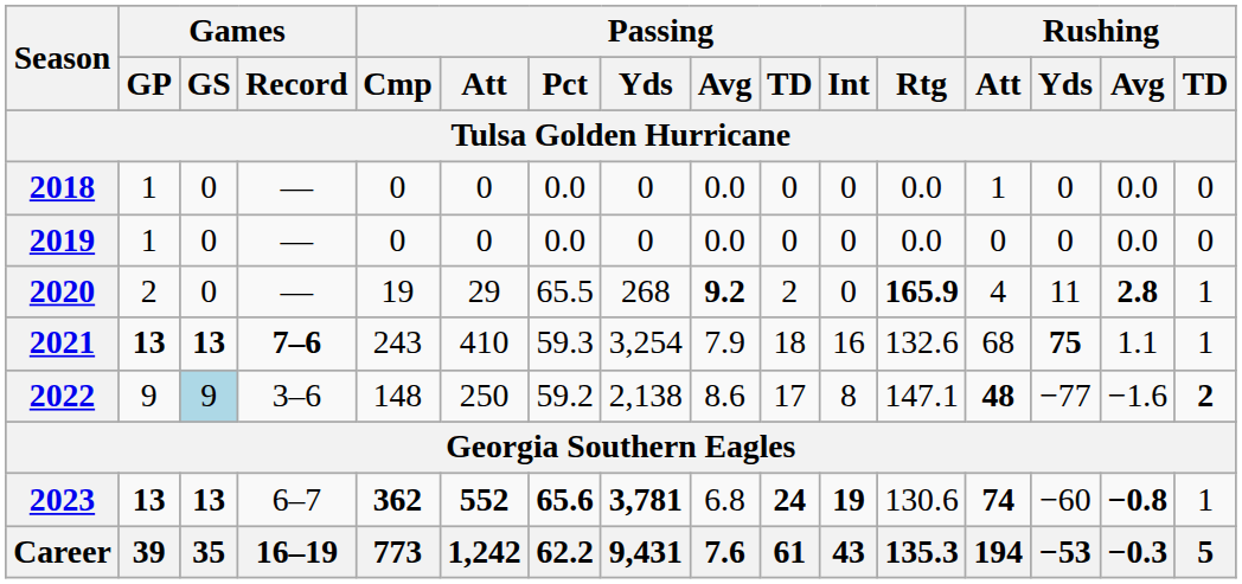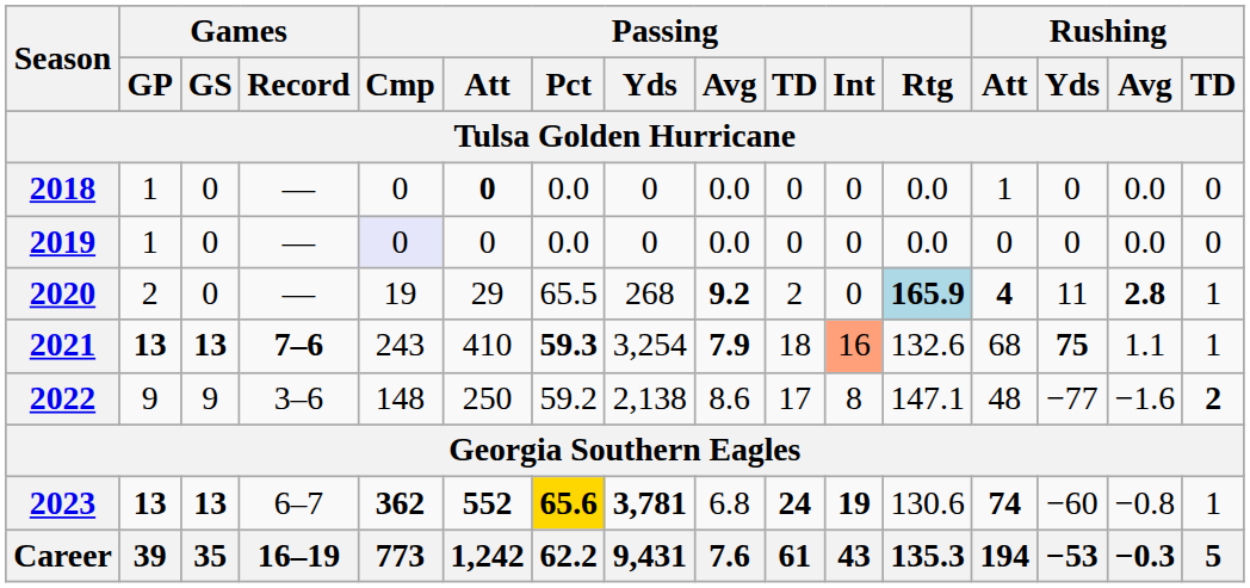 <table class="wikitable" style="text-align:center;">
 <tr>
 <th rowspan="2">Season</th>
 <th colspan="3">Games</th>
 <th colspan="8">Passing</th>
 <th colspan="5">Rushing</th>
 </tr>
 <tr>
 <th>GP</th>
 <th>GS</th>
 <th>Record</th>
 <th>Cmp</th>
 <th>Att</th>
 <th>Pct</th>
 <th>Yds</th>
 <th>Avg</th>
 <th>TD</th>
 <th>Int</th>
 <th>Rtg</th>
 <th>Att</th>
 <th>Yds</th>
 <th>Avg</th>
 <th>TD</th>
 </tr>
 <tr>
 <th colspan="16">Tulsa Golden Hurricane</th>
 </tr>
 <tr>
 <th><a href='#'>2018</a></th>
 <td>1</td>
 <td>0</td>
 <td>—</td>
 <td>0</td>
-<td>0</td>
+<td><strong>0</strong></td>
 <td>0.0</td>
 <td>0</td>
 <td>0.0</td>
 <td>0</td>
 <td>0</td>
 <td>0.0</td>
 <td>1</td>
 <td>0</td>
 <td>0.0</td>
 <td>0</td>
 </tr>
 <tr>
 <th><a href='#'>2019</a></th>
 <td>1</td>
 <td>0</td>
 <td>—</td>
-<td>0</td>
+<td style="background: lavender;">0</td>
 <td>0</td>
 <td>0.0</td>
 <td>0</td>
 <td>0.0</td>
 <td>0</td>
 <td>0</td>
 <td>0.0</td>
 <td>0</td>
 <td>0</td>
 <td>0.0</td>
 <td>0</td>
 </tr>
 <tr>
 <th><a href='#'>2020</a></th>
 <td>2</td>
 <td>0</td>
 <td>—</td>
 <td>19</td>
 <td>29</td>
 <td>65.5</td>
 <td>268</td>
 <td><strong>9.2</strong></td>
 <td>2</td>
 <td>0</td>
-<td><strong>165.9</strong></td>
-<td>4</td>
+<td style="background: lightblue;"><strong>165.9</strong></td>
+<td><strong>4</strong></td>
 <td>11</td>
 <td><strong>2.8</strong></td>
 <td>1</td>
 </tr>
 <tr>
 <th><a href='#'>2021</a></th>
 <td><strong>13</strong></td>
 <td><strong>13</strong></td>
 <td><strong>7–6</strong></td>
 <td>243</td>
 <td>410</td>
-<td>59.3</td>
+<td><strong>59.3</strong></td>
 <td>3,254</td>
-<td>7.9</td>
+<td><strong>7.9</strong></td>
 <td>18</td>
-<td>16</td>
+<td style="background: lightsalmon;">16</td>
 <td>132.6</td>
 <td>68</td>
 <td><strong>75</strong></td>
 <td>1.1</td>
 <td>1</td>
 </tr>
 <tr>
 <th><a href='#'>2022</a></th>
 <td>9</td>
-<td style="background: lightblue;">9</td>
+<td>9</td>
 <td>3–6</td>
 <td>148</td>
 <td>250</td>
 <td>59.2</td>
 <td>2,138</td>
 <td>8.6</td>
 <td>17</td>
 <td>8</td>
 <td>147.1</td>
-<td><strong>48</strong></td>
+<td>48</td>
 <td>−77</td>
 <td>−1.6</td>
 <td><strong>2</strong></td>
 </tr>
 <tr>
 <th colspan="16">Georgia Southern Eagles</th>
 </tr>
 <tr>
 <th><a href='#'>2023</a></th>
 <td><strong>13</strong></td>
 <td><strong>13</strong></td>
 <td>6–7</td>
 <td><strong>362</strong></td>
 <td><strong>552</strong></td>
-<td><strong>65.6</strong></td>
+<td style="background: gold;"><strong>65.6</strong></td>
 <td><strong>3,781</strong></td>
 <td>6.8</td>
 <td><strong>24</strong></td>
 <td><strong>19</strong></td>
 <td>130.6</td>
 <td><strong>74</strong></td>
 <td>−60</td>
-<td><strong>−0.8</strong></td>
+<td>−0.8</td>
 <td>1</td>
 </tr>
 <tr>
 <th>Career</th>
 <th>39</th>
 <th>35</th>
 <th>16–19</th>
 <th>773</th>
 <th>1,242</th>
 <th>62.2</th>
 <th>9,431</th>
 <th>7.6</th>
 <th>61</th>
 <th>43</th>
 <th>135.3</th>
 <th>194</th>
 <th>−53</th>
 <th>−0.3</th>
 <th>5</th>
 </tr>
 </table>
